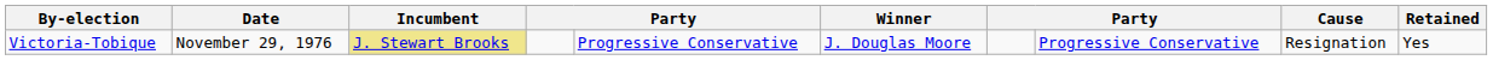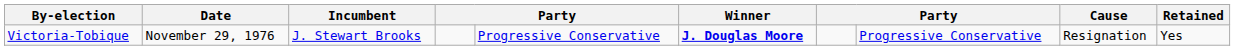 <table class=wikitable style="width:100%">
 <tr>
 <th>By-election</th>
 <th>Date</th>
 <th>Incumbent</th>
 <th colspan=2>Party</th>
 <th>Winner</th>
 <th colspan=2>Party</th>
 <th>Cause</th>
 <th>Retained</th>
 </tr>
 <tr>
 <td><a href='#'>Victoria-Tobique</a></td>
 <td>November 29, 1976</td>
-<td style="background: khaki;"><a href='#'>J. Stewart Brooks</a></td>
+<td><a href='#'>J. Stewart Brooks</a></td>
 <td>    </td>
 <td><a href='#'>Progressive Conservative</a></td>
-<td><a href='#'>J. Douglas Moore</a></td>
+<td><strong><a href='#'>J. Douglas Moore</a></strong></td>
 <td>    </td>
 <td><a href='#'>Progressive Conservative</a></td>
 <td>Resignation</td>
 <td>Yes</td>
 </tr>
 </table>
